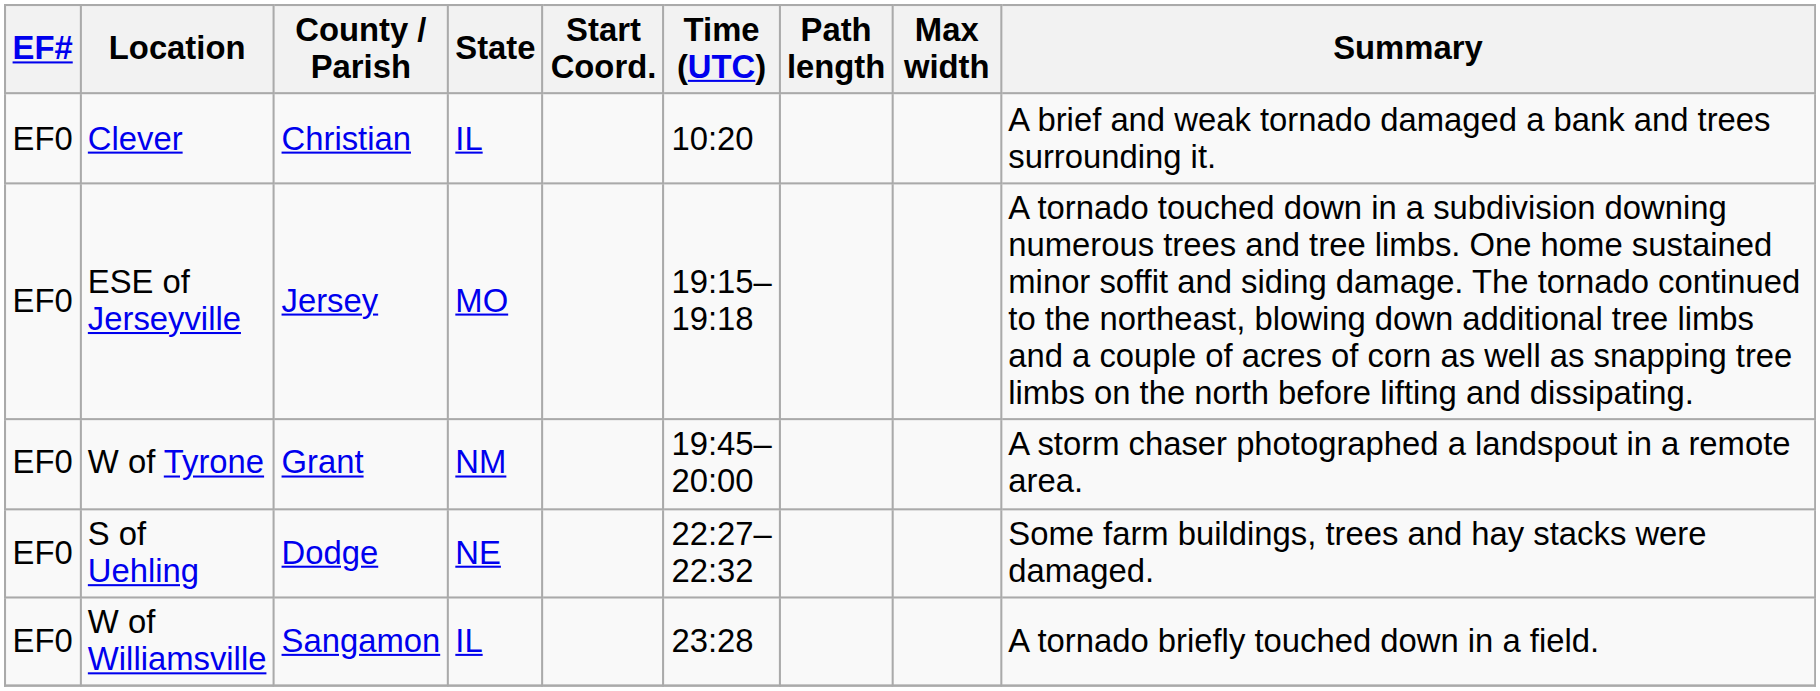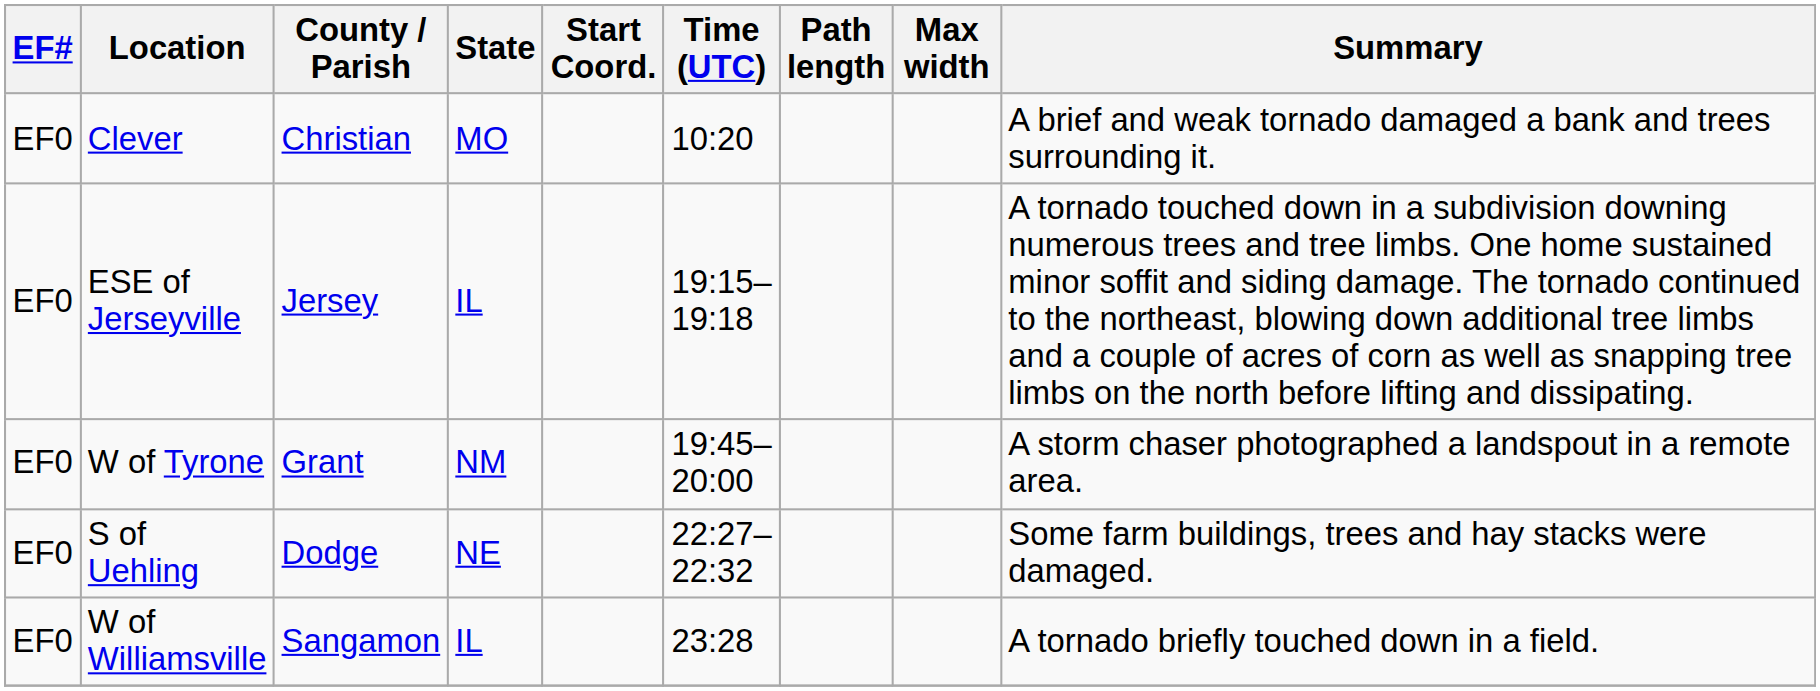 <table class="wikitable sortable" style="width:100%;">
 <tr>
 <th scope="col"  style="width:3%; text-align:center;"><a href='#'>EF#</a></th>
 <th scope="col"  style="width:7%; text-align:center;" class="unsortable">Location</th>
 <th scope="col"  style="width:6%; text-align:center;" class="unsortable">County / Parish</th>
 <th scope="col"  style="width:5%; text-align:center;">State</th>
 <th scope="col"  style="width:6%; text-align:center;">Start Coord.</th>
 <th scope="col"  style="width:6%; text-align:center;">Time (<a href='#'>UTC</a>)</th>
 <th scope="col"  style="width:6%; text-align:center;">Path length</th>
 <th scope="col"  style="width:6%; text-align:center;">Max width</th>
 <th scope="col" class="unsortable" style="width:48%; text-align:center;">Summary</th>
 </tr>
 <tr>
 <td>EF0</td>
 <td><a href='#'>Clever</a></td>
 <td><a href='#'>Christian</a></td>
-<td><a href='#'>IL</a></td>
+<td><a href='#'>MO</a></td>
 <td></td>
 <td>10:20</td>
 <td></td>
 <td></td>
 <td>A brief and weak tornado damaged a bank and trees surrounding it.</td>
 </tr>
 <tr>
 <td>EF0</td>
 <td>ESE of <a href='#'>Jerseyville</a></td>
 <td><a href='#'>Jersey</a></td>
-<td><a href='#'>MO</a></td>
+<td><a href='#'>IL</a></td>
 <td></td>
 <td>19:15–19:18</td>
 <td></td>
 <td></td>
 <td>A tornado touched down in a subdivision downing numerous trees and tree limbs. One home sustained minor soffit and siding damage. The tornado continued to the northeast, blowing down additional tree limbs and a couple of acres of corn as well as snapping tree limbs on the north before lifting and dissipating.</td>
 </tr>
 <tr>
 <td>EF0</td>
 <td>W of <a href='#'>Tyrone</a></td>
 <td><a href='#'>Grant</a></td>
 <td><a href='#'>NM</a></td>
 <td></td>
 <td>19:45–20:00</td>
 <td></td>
 <td></td>
 <td>A storm chaser photographed a landspout in a remote area.</td>
 </tr>
 <tr>
 <td>EF0</td>
 <td>S of <a href='#'>Uehling</a></td>
 <td><a href='#'>Dodge</a></td>
 <td><a href='#'>NE</a></td>
 <td></td>
 <td>22:27–22:32</td>
 <td></td>
 <td></td>
 <td>Some farm buildings, trees and hay stacks were damaged.</td>
 </tr>
 <tr>
 <td>EF0</td>
 <td>W of <a href='#'>Williamsville</a></td>
 <td><a href='#'>Sangamon</a></td>
 <td><a href='#'>IL</a></td>
 <td></td>
 <td>23:28</td>
 <td></td>
 <td></td>
 <td>A tornado briefly touched down in a field.</td>
 </tr>
 <tr>
 </tr>
 </table>
